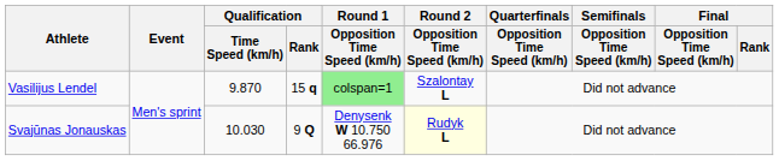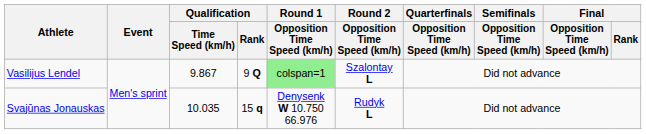 <table class="wikitable" style="font-size:90%">
 <tr>
 <th rowspan=2>Athlete</th>
 <th rowspan=2>Event</th>
 <th colspan=2>Qualification</th>
 <th>Round 1</th>
 <th>Round 2</th>
 <th>Quarterfinals</th>
 <th>Semifinals</th>
 <th colspan=2>Final</th>
 </tr>
 <tr style="font-size:95%">
 <th>Time<br>Speed (km/h)</th>
 <th>Rank</th>
 <th>Opposition<br>Time<br>Speed (km/h)</th>
 <th>Opposition<br>Time<br>Speed (km/h)</th>
 <th>Opposition<br>Time<br>Speed (km/h)</th>
 <th>Opposition<br>Time<br>Speed (km/h)</th>
 <th>Opposition<br>Time<br>Speed (km/h)</th>
 <th>Rank</th>
 </tr>
 <tr align=center>
 <td align=left><a href='#'>Vasilijus Lendel</a></td>
 <td align=left rowspan=2><a href='#'>Men's sprint</a></td>
-<td>9.870</td>
-<td>15 <strong>q</strong></td>
+<td>9.867</td>
+<td>9 <strong>Q</strong></td>
 <td style="background: lightgreen;">colspan=1 </td>
 <td> <a href='#'>Szalontay</a><br> <strong>L</strong></td>
 <td colspan=4>Did not advance</td>
 </tr>
 <tr align=center>
 <td align=left><a href='#'>Svajūnas Jonauskas</a></td>
-<td>10.030</td>
-<td>9 <strong>Q</strong></td>
+<td>10.035</td>
+<td>15 <strong>q</strong></td>
 <td> <a href='#'>Denysenk</a><br> <strong>W</strong> 10.750 <br> 66.976</td>
-<td style="background: lightyellow;"> <a href='#'>Rudyk</a><br> <strong>L</strong></td>
+<td> <a href='#'>Rudyk</a><br> <strong>L</strong></td>
 <td colspan=4>Did not advance</td>
 </tr>
 </table>
